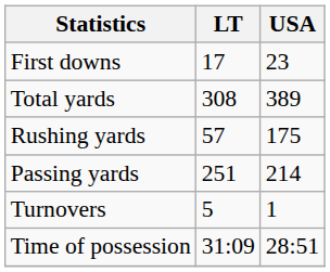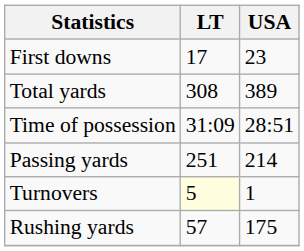 <table class="wikitable" style="float: left;">
 <tr>
 <th>Statistics</th>
 <th>LT</th>
 <th>USA</th>
 </tr>
 <tr>
 <td>First downs</td>
 <td>17</td>
 <td>23</td>
 </tr>
 <tr>
 <td>Total yards</td>
 <td>308</td>
 <td>389</td>
 </tr>
 <tr>
-<td>Rushing yards</td>
-<td>57</td>
-<td>175</td>
+<td>Time of possession</td>
+<td>31:09</td>
+<td>28:51</td>
 </tr>
 <tr>
 <td>Passing yards</td>
 <td>251</td>
 <td>214</td>
 </tr>
 <tr>
 <td>Turnovers</td>
-<td>5</td>
+<td style="background: lightyellow;">5</td>
 <td>1</td>
 </tr>
 <tr>
-<td>Time of possession</td>
-<td>31:09</td>
-<td>28:51</td>
+<td>Rushing yards</td>
+<td>57</td>
+<td>175</td>
 </tr>
 <tr>
 </tr>
 </table>
